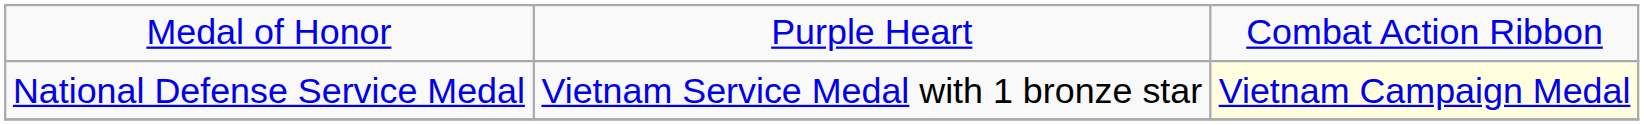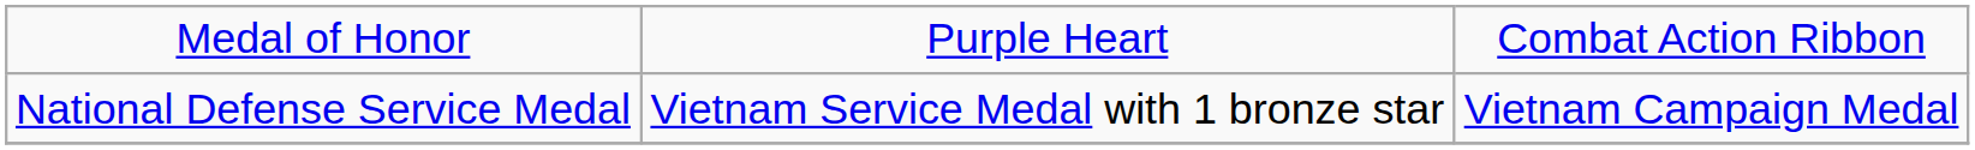 <table class="wikitable" style="margin:1em auto; text-align:center;">
 <tr>
 <td><a href='#'>Medal of Honor</a></td>
 <td><a href='#'>Purple Heart</a></td>
 <td><a href='#'>Combat Action Ribbon</a></td>
 </tr>
 <tr>
 <td><a href='#'>National Defense Service Medal</a></td>
 <td><a href='#'>Vietnam Service Medal</a>  with 1 bronze star</td>
-<td style="background: lightyellow;"><a href='#'>Vietnam Campaign Medal</a></td>
+<td><a href='#'>Vietnam Campaign Medal</a></td>
 </tr>
 <tr>
 </tr>
 </table>
